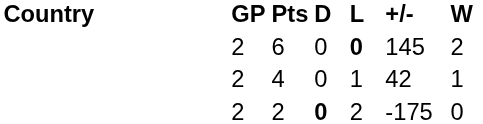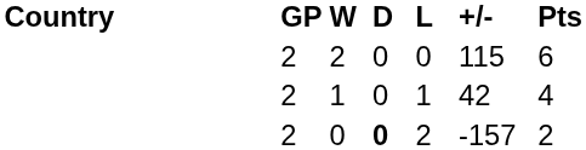 <table>
 <tr ---->
 <td width="150"><strong>Country</strong></td>
 <td width="20"><strong>GP</strong></td>
-<td width="20"><strong>Pts</strong></td>
+<td width="20"><strong>W</strong></td>
 <td width="20"><strong>D</strong></td>
 <td width="20"><strong>L</strong></td>
 <td width="40"><strong>+/-</strong></td>
-<td width="20"><strong>W</strong></td>
-</tr>
-<tr ---->
-<td></td>
-<td>2</td>
-<td>6</td>
-<td>0</td>
-<td><strong>0</strong></td>
-<td>145</td>
-<td>2</td>
-</tr>
-<tr ---->
-<td></td>
-<td>2</td>
-<td>4</td>
-<td>0</td>
-<td>1</td>
-<td>42</td>
-<td>1</td>
+<td width="20"><strong>Pts</strong></td>
 </tr>
 <tr ---->
 <td></td>
 <td>2</td>
 <td>2</td>
+<td>0</td>
+<td>0</td>
+<td>115</td>
+<td>6</td>
+</tr>
+<tr ---->
+<td></td>
+<td>2</td>
+<td>1</td>
+<td>0</td>
+<td>1</td>
+<td>42</td>
+<td>4</td>
+</tr>
+<tr ---->
+<td></td>
+<td>2</td>
+<td>0</td>
 <td><strong>0</strong></td>
 <td>2</td>
-<td>-175</td>
-<td>0</td>
+<td>-157</td>
+<td>2</td>
 </tr>
 </table>
